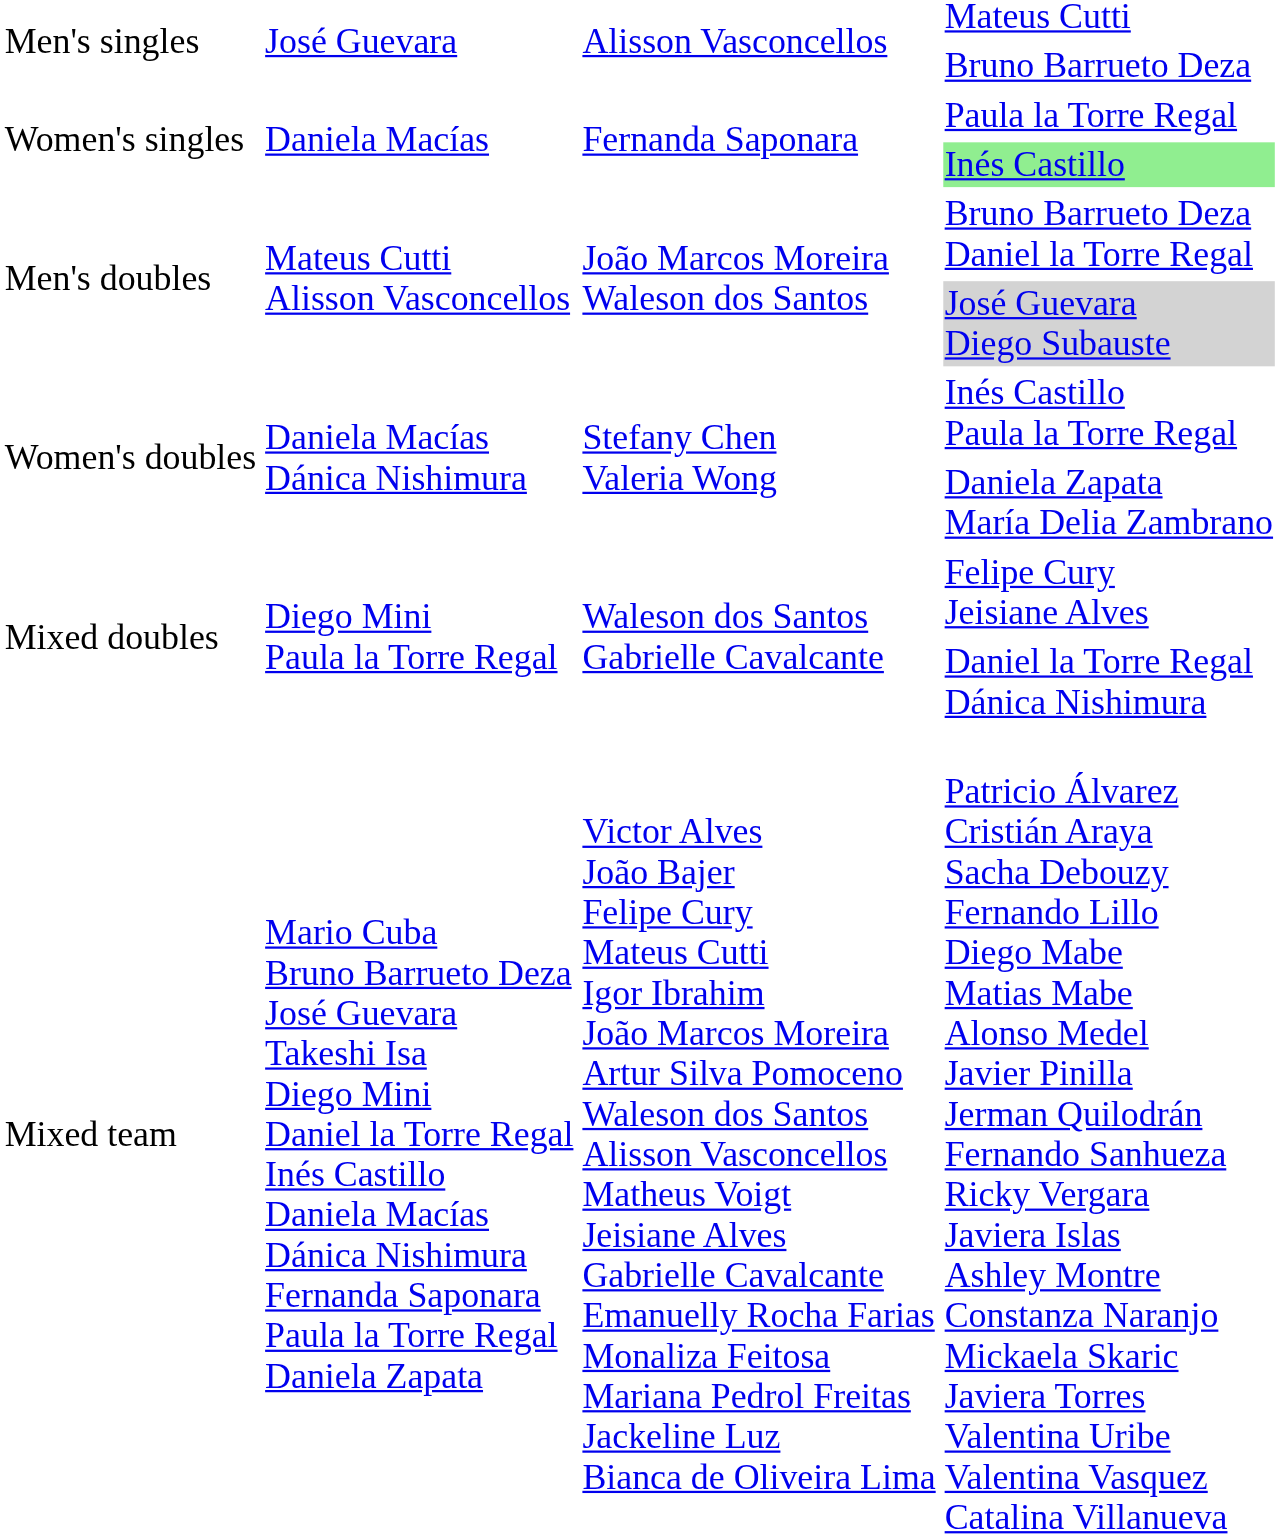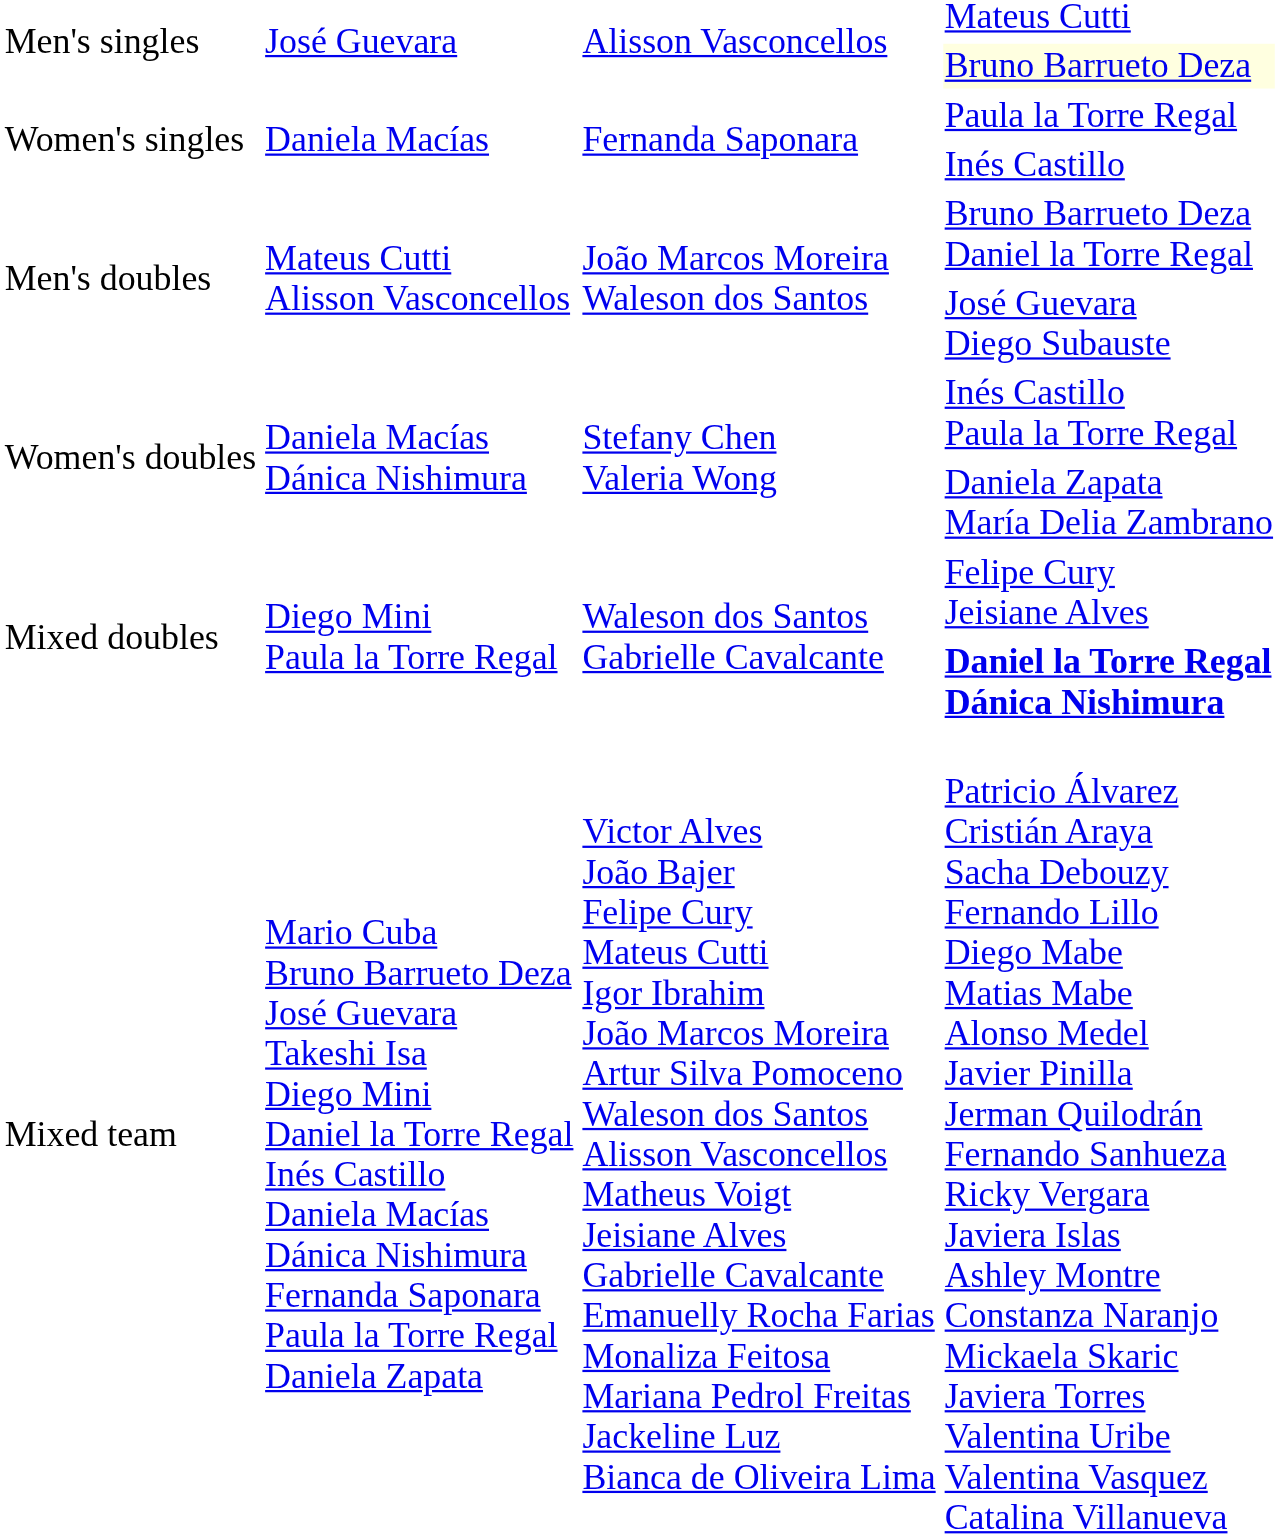 <table>
 <tr>
 <td rowspan="2">Men's singles</td>
 <td rowspan="2"> <a href='#'>José Guevara</a></td>
 <td rowspan="2"> <a href='#'>Alisson Vasconcellos</a></td>
 <td> <a href='#'>Mateus Cutti</a></td>
 </tr>
 <tr>
-<td> <a href='#'>Bruno Barrueto Deza</a></td>
+<td style="background: lightyellow;"> <a href='#'>Bruno Barrueto Deza</a></td>
 </tr>
 <tr>
 <td rowspan="2">Women's singles</td>
 <td rowspan="2"> <a href='#'>Daniela Macías</a></td>
 <td rowspan="2"> <a href='#'>Fernanda Saponara</a></td>
 <td> <a href='#'>Paula la Torre Regal</a></td>
 </tr>
 <tr>
-<td style="background: lightgreen;"> <a href='#'>Inés Castillo</a></td>
+<td> <a href='#'>Inés Castillo</a></td>
 </tr>
 <tr>
 <td rowspan="2">Men's doubles</td>
 <td rowspan="2"> <a href='#'>Mateus Cutti</a><br> <a href='#'>Alisson Vasconcellos</a></td>
 <td rowspan="2"> <a href='#'>João Marcos Moreira</a><br> <a href='#'>Waleson dos Santos</a></td>
 <td> <a href='#'>Bruno Barrueto Deza</a><br> <a href='#'>Daniel la Torre Regal</a></td>
 </tr>
 <tr>
-<td style="background: lightgrey;"> <a href='#'>José Guevara</a><br> <a href='#'>Diego Subauste</a></td>
+<td> <a href='#'>José Guevara</a><br> <a href='#'>Diego Subauste</a></td>
 </tr>
 <tr>
 <td rowspan="2">Women's doubles</td>
 <td rowspan="2"> <a href='#'>Daniela Macías</a><br> <a href='#'>Dánica Nishimura</a></td>
 <td rowspan="2"> <a href='#'>Stefany Chen</a><br> <a href='#'>Valeria Wong</a></td>
 <td> <a href='#'>Inés Castillo</a><br> <a href='#'>Paula la Torre Regal</a></td>
 </tr>
 <tr>
 <td> <a href='#'>Daniela Zapata</a><br> <a href='#'>María Delia Zambrano</a></td>
 </tr>
 <tr>
 <td rowspan="2">Mixed doubles</td>
 <td rowspan="2"> <a href='#'>Diego Mini</a><br> <a href='#'>Paula la Torre Regal</a></td>
 <td rowspan="2"> <a href='#'>Waleson dos Santos</a><br> <a href='#'>Gabrielle Cavalcante</a></td>
 <td> <a href='#'>Felipe Cury</a><br> <a href='#'>Jeisiane Alves</a></td>
 </tr>
 <tr>
-<td> <a href='#'>Daniel la Torre Regal</a><br> <a href='#'>Dánica Nishimura</a></td>
+<td><strong> <a href='#'>Daniel la Torre Regal</a><br> <a href='#'>Dánica Nishimura</a></strong></td>
 </tr>
 <tr>
 <td>Mixed team</td>
 <td align="left"><br><a href='#'>Mario Cuba</a><br><a href='#'>Bruno Barrueto Deza</a><br><a href='#'>José Guevara</a><br><a href='#'>Takeshi Isa</a><br><a href='#'>Diego Mini</a><br><a href='#'>Daniel la Torre Regal</a><br><a href='#'>Inés Castillo</a><br><a href='#'>Daniela Macías</a><br><a href='#'>Dánica Nishimura</a><br><a href='#'>Fernanda Saponara</a><br><a href='#'>Paula la Torre Regal</a><br><a href='#'>Daniela Zapata</a></td>
 <td align="left"><br><a href='#'>Victor Alves</a><br><a href='#'>João Bajer</a><br><a href='#'>Felipe Cury</a><br><a href='#'>Mateus Cutti</a><br><a href='#'>Igor Ibrahim</a><br><a href='#'>João Marcos Moreira</a><br><a href='#'>Artur Silva Pomoceno</a><br><a href='#'>Waleson dos Santos</a><br><a href='#'>Alisson Vasconcellos</a><br><a href='#'>Matheus Voigt</a><br><a href='#'>Jeisiane Alves</a><br><a href='#'>Gabrielle Cavalcante</a><br><a href='#'>Emanuelly Rocha Farias</a><br><a href='#'>Monaliza Feitosa</a><br><a href='#'>Mariana Pedrol Freitas</a><br><a href='#'>Jackeline Luz</a><br><a href='#'>Bianca de Oliveira Lima</a></td>
 <td align="left"><br><a href='#'>Patricio Álvarez</a><br><a href='#'>Cristián Araya</a><br><a href='#'>Sacha Debouzy</a><br><a href='#'>Fernando Lillo</a><br><a href='#'>Diego Mabe</a><br><a href='#'>Matias Mabe</a><br><a href='#'>Alonso Medel</a><br><a href='#'>Javier Pinilla</a><br><a href='#'>Jerman Quilodrán</a><br><a href='#'>Fernando Sanhueza</a><br><a href='#'>Ricky Vergara</a><br><a href='#'>Javiera Islas</a><br><a href='#'>Ashley Montre</a><br><a href='#'>Constanza Naranjo</a><br><a href='#'>Mickaela Skaric</a><br><a href='#'>Javiera Torres</a><br><a href='#'>Valentina Uribe</a><br><a href='#'>Valentina Vasquez</a><br><a href='#'>Catalina Villanueva</a></td>
 </tr>
 </table>
